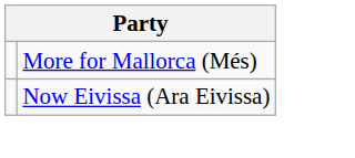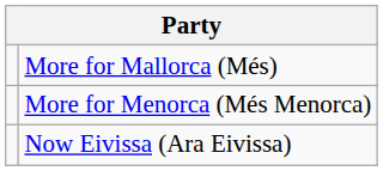 <table class="wikitable" style="text-align:left;">
 <tr>
 <th colspan="2">Party</th>
 </tr>
 <tr>
 <td width="1"></td>
 <td><a href='#'>More for Mallorca</a> (Més)</td>
 </tr>
 <tr>
 <td></td>
+<td><a href='#'>More for Menorca</a> (Més Menorca)</td>
+</tr>
+<tr>
+<td></td>
 <td><a href='#'>Now Eivissa</a> (Ara Eivissa)</td>
 </tr>
 </table>
